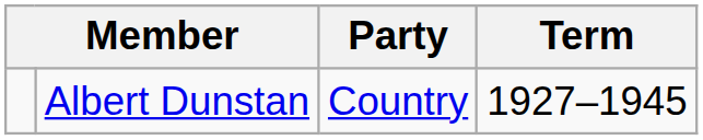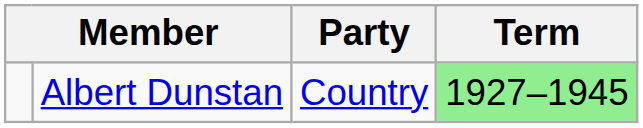 <table class="wikitable">
 <tr>
 <th colspan="2">Member</th>
 <th>Party</th>
 <th>Term</th>
 </tr>
 <tr>
 <td> </td>
 <td><a href='#'>Albert Dunstan</a></td>
 <td><a href='#'>Country</a></td>
-<td>1927–1945</td>
+<td style="background: lightgreen;">1927–1945</td>
 </tr>
 </table>
